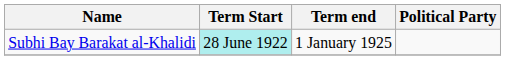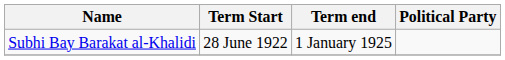 <table class="wikitable">
 <tr ->
 <th>Name</th>
 <th>Term Start</th>
 <th>Term end</th>
 <th>Political Party</th>
 </tr>
 <tr ->
 <td><a href='#'>Subhi Bay Barakat al-Khalidi</a></td>
-<td style="background: paleturquoise;">28 June 1922</td>
+<td>28 June 1922</td>
 <td>1 January 1925</td>
 <td></td>
 </tr>
 <tr ->
 </tr>
 </table>
